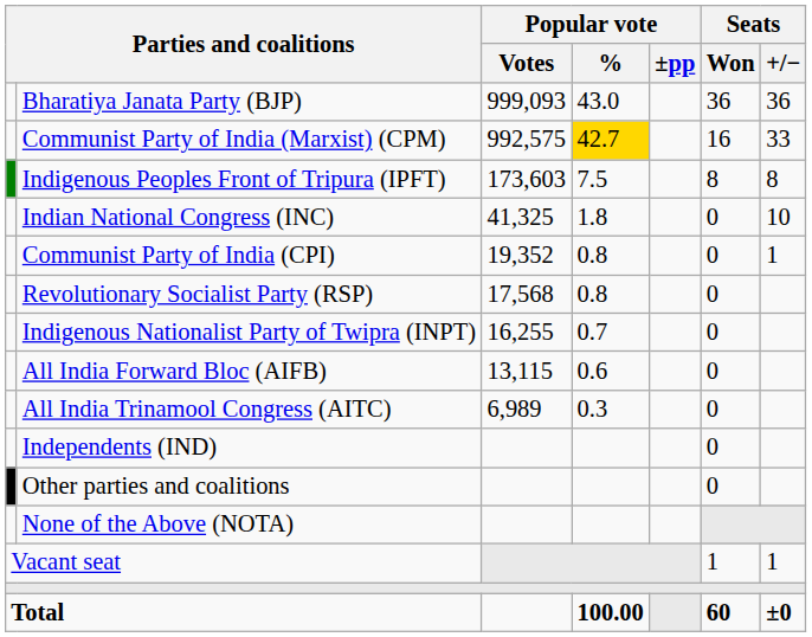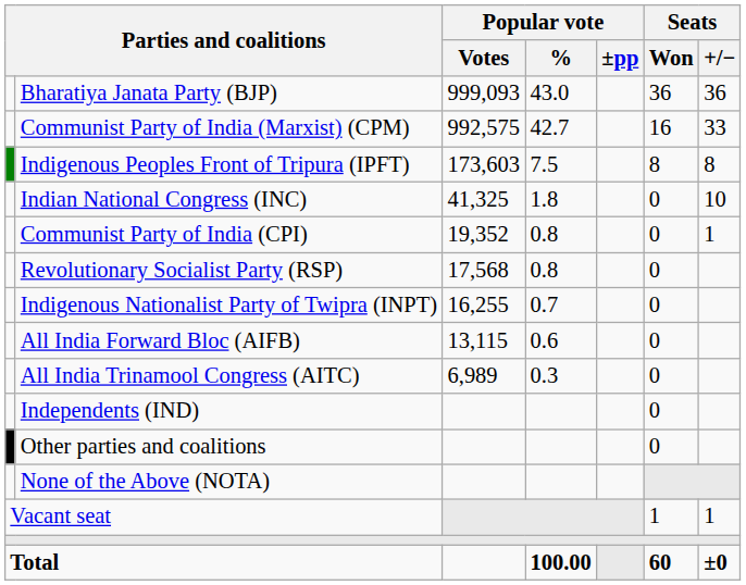 <table class="wikitable">
 <tr>
 <th colspan="2" rowspan="2">Parties and coalitions</th>
 <th colspan="3">Popular vote</th>
 <th colspan="2">Seats</th>
 </tr>
 <tr>
 <th>Votes</th>
 <th>%</th>
 <th>±<a href='#'>pp</a></th>
 <th>Won</th>
 <th><strong>+/−</strong></th>
 </tr>
 <tr>
 <td></td>
 <td><a href='#'>Bharatiya Janata Party</a> (BJP)</td>
 <td>999,093</td>
 <td>43.0</td>
 <td></td>
 <td>36</td>
 <td>36</td>
 </tr>
 <tr>
 <td></td>
 <td><a href='#'>Communist Party of India (Marxist)</a> (CPM)</td>
 <td>992,575</td>
-<td style="background: gold;">42.7</td>
+<td>42.7</td>
 <td></td>
 <td>16</td>
 <td>33</td>
 </tr>
 <tr>
 <td style="background:green;"></td>
 <td><a href='#'>Indigenous Peoples Front of Tripura</a> (IPFT)</td>
 <td>173,603</td>
 <td>7.5</td>
 <td></td>
 <td>8</td>
 <td>8</td>
 </tr>
 <tr>
 <td></td>
 <td><a href='#'>Indian National Congress</a> (INC)</td>
 <td>41,325</td>
 <td>1.8</td>
 <td></td>
 <td>0</td>
 <td>10</td>
 </tr>
 <tr>
 <td></td>
 <td><a href='#'>Communist Party of India</a> (CPI)</td>
 <td>19,352</td>
 <td>0.8</td>
 <td></td>
 <td>0</td>
 <td>1</td>
 </tr>
 <tr>
 <td></td>
 <td><a href='#'>Revolutionary Socialist Party</a> (RSP)</td>
 <td>17,568</td>
 <td>0.8</td>
 <td></td>
 <td>0</td>
 <td></td>
 </tr>
 <tr>
 <td></td>
 <td><a href='#'>Indigenous Nationalist Party of Twipra</a> (INPT)</td>
 <td>16,255</td>
 <td>0.7</td>
 <td></td>
 <td>0</td>
 <td></td>
 </tr>
 <tr>
 <td></td>
 <td><a href='#'>All India Forward Bloc</a> (AIFB)</td>
 <td>13,115</td>
 <td>0.6</td>
 <td></td>
 <td>0</td>
 <td></td>
 </tr>
 <tr>
 <td></td>
 <td><a href='#'>All India Trinamool Congress</a> (AITC)</td>
 <td>6,989</td>
 <td>0.3</td>
 <td></td>
 <td>0</td>
 <td></td>
 </tr>
 <tr>
 <td></td>
 <td><a href='#'>Independents</a> (IND)</td>
 <td></td>
 <td></td>
 <td></td>
 <td>0</td>
 <td></td>
 </tr>
 <tr>
 <td style="background:black;"></td>
 <td>Other parties and coalitions</td>
 <td></td>
 <td></td>
 <td></td>
 <td>0</td>
 <td></td>
 </tr>
 <tr>
 <td></td>
 <td><a href='#'>None of the Above</a> (NOTA)</td>
 <td></td>
 <td></td>
 <td></td>
 <td colspan="2" style="background:#e9e9e9;"></td>
 </tr>
 <tr>
 <td colspan="2"><a href='#'>Vacant seat</a></td>
 <td colspan="3" style="background:#e9e9e9;"></td>
 <td>1</td>
 <td>1</td>
 </tr>
 <tr>
 <td colspan="7" style="background:#e9e9e9;"></td>
 </tr>
 <tr style="font-weight:bold;">
 <td style="text-align:left;" colspan="2">Total</td>
 <td></td>
 <td>100.00</td>
 <td style="background:#e9e9e9;"></td>
 <td>60</td>
 <td>±0</td>
 </tr>
 </table>
